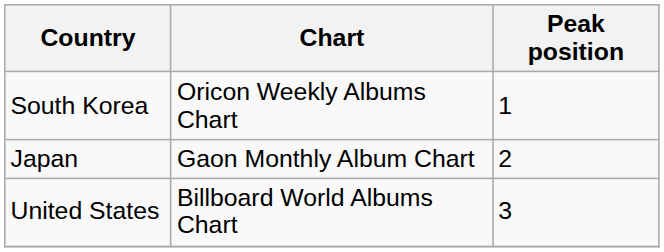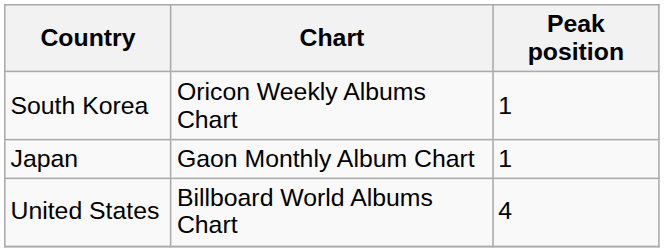 <table class="wikitable" style="align:center" style="text-align:center">
 <tr>
 <th width="100">Country</th>
 <th width="200">Chart</th>
 <th width="100">Peak position</th>
 </tr>
 <tr>
 <td rowspan="1">South Korea</td>
 <td>Oricon Weekly Albums Chart</td>
 <td>1</td>
 </tr>
 <tr>
 <td rowspan="1">Japan</td>
 <td>Gaon Monthly Album Chart</td>
-<td>2</td>
+<td>1</td>
 </tr>
 <tr>
 <td>United States</td>
 <td>Billboard World Albums Chart</td>
-<td>3</td>
+<td>4</td>
 </tr>
 <tr>
 </tr>
 </table>
